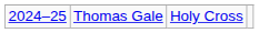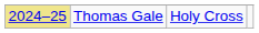 <table class="wikitable sortable">
 <tr>
 </tr>
 <tr align=center>
-<td><a href='#'>2024–25</a></td>
+<td style="background: khaki;"><a href='#'>2024–25</a></td>
 <td><a href='#'>Thomas Gale</a></td>
 <td><a href='#'>Holy Cross</a></td>
 <td></td>
 </tr>
 </table>
